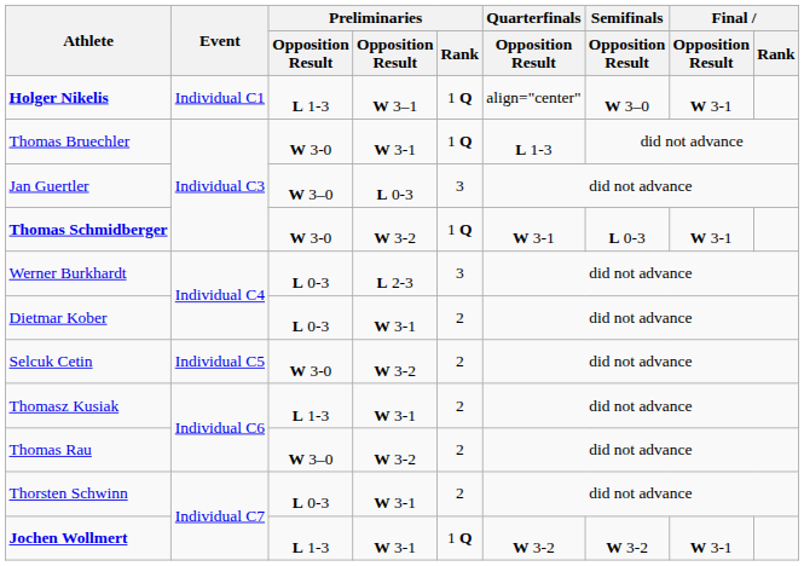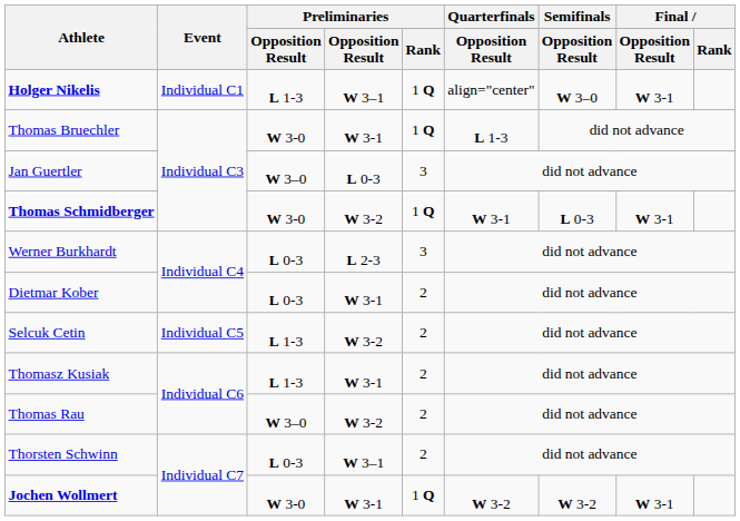 <table class=wikitable>
 <tr>
 <th rowspan="2">Athlete</th>
 <th rowspan="2">Event</th>
 <th colspan="3">Preliminaries</th>
 <th>Quarterfinals</th>
 <th>Semifinals</th>
 <th colspan="2">Final / </th>
 </tr>
 <tr>
 <th>Opposition<br>Result</th>
 <th>Opposition<br>Result</th>
 <th>Rank</th>
 <th>Opposition<br>Result</th>
 <th>Opposition<br>Result</th>
 <th>Opposition<br>Result</th>
 <th>Rank</th>
 </tr>
 <tr>
 <td><strong><a href='#'>Holger Nikelis</a></strong></td>
 <td><a href='#'>Individual C1</a></td>
 <td align="center"><br><strong>L</strong> 1-3</td>
 <td align="center"><br><strong>W</strong> 3–1</td>
 <td align="center">1 <strong>Q</strong></td>
 <td>align="center" </td>
 <td align="center"><br><strong>W</strong> 3–0</td>
 <td align="center"><br><strong>W</strong> 3-1</td>
 <td align="center"></td>
 </tr>
 <tr>
 <td><a href='#'>Thomas Bruechler</a></td>
 <td rowspan="3"><a href='#'>Individual C3</a></td>
 <td align="center"><br><strong>W</strong> 3-0</td>
 <td align="center"><br><strong>W</strong> 3-1</td>
 <td align="center">1 <strong>Q</strong></td>
 <td align="center"><br><strong>L</strong> 1-3</td>
 <td align="center" colspan="3">did not advance</td>
 </tr>
 <tr>
 <td><a href='#'>Jan Guertler</a></td>
 <td align="center"><br><strong>W</strong> 3–0</td>
 <td align="center"><br><strong>L</strong> 0-3</td>
 <td align="center">3</td>
 <td align="center" colspan="4">did not advance</td>
 </tr>
 <tr>
 <td><strong><a href='#'>Thomas Schmidberger</a></strong></td>
 <td align="center"><br><strong>W</strong> 3-0</td>
 <td align="center"><br><strong>W</strong> 3-2</td>
 <td align="center">1 <strong>Q</strong></td>
 <td align="center"><br><strong>W</strong> 3-1</td>
 <td align="center"><br><strong>L</strong> 0-3</td>
 <td align="center"><br><strong>W</strong> 3-1</td>
 <td align="center"></td>
 </tr>
 <tr>
 <td><a href='#'>Werner Burkhardt</a></td>
 <td rowspan="2"><a href='#'>Individual C4</a></td>
 <td align="center"><br><strong>L</strong> 0-3</td>
 <td align="center"><br><strong>L</strong> 2-3</td>
 <td align="center">3</td>
 <td align="center" colspan="4">did not advance</td>
 </tr>
 <tr>
 <td><a href='#'>Dietmar Kober</a></td>
 <td align="center"><br><strong>L</strong> 0-3</td>
 <td align="center"><br><strong>W</strong> 3-1</td>
 <td align="center">2</td>
 <td align="center" colspan="4">did not advance</td>
 </tr>
 <tr>
 <td><a href='#'>Selcuk Cetin</a></td>
 <td><a href='#'>Individual C5</a></td>
-<td align="center"><br><strong>W</strong> 3-0</td>
+<td align="center"><br><strong>L</strong> 1-3</td>
 <td align="center"><br><strong>W</strong> 3-2</td>
 <td align="center">2</td>
 <td align="center" colspan="4">did not advance</td>
 </tr>
 <tr>
 <td><a href='#'>Thomasz Kusiak</a></td>
 <td rowspan="2"><a href='#'>Individual C6</a></td>
 <td align="center"><br><strong>L</strong> 1-3</td>
 <td align="center"><br><strong>W</strong> 3-1</td>
 <td align="center">2</td>
 <td align="center" colspan="4">did not advance</td>
 </tr>
 <tr>
 <td><a href='#'>Thomas Rau</a></td>
 <td align="center"><br><strong>W</strong> 3–0</td>
 <td align="center"><br><strong>W</strong> 3-2</td>
 <td align="center">2</td>
 <td align="center" colspan="4">did not advance</td>
 </tr>
 <tr>
 <td><a href='#'>Thorsten Schwinn</a></td>
 <td rowspan="2"><a href='#'>Individual C7</a></td>
 <td align="center"><br><strong>L</strong> 0-3</td>
-<td align="center"><br><strong>W</strong> 3-1</td>
+<td align="center"><br><strong>W</strong> 3–1</td>
 <td align="center">2</td>
 <td align="center" colspan="4">did not advance</td>
 </tr>
 <tr>
 <td><strong><a href='#'>Jochen Wollmert</a></strong></td>
-<td align="center"><br><strong>L</strong> 1-3</td>
+<td align="center"><br><strong>W</strong> 3-0</td>
 <td align="center"><br><strong>W</strong> 3-1</td>
 <td align="center">1 <strong>Q</strong></td>
 <td align="center"><br><strong>W</strong> 3-2</td>
 <td align="center"><br><strong>W</strong> 3-2</td>
 <td align="center"><br><strong>W</strong> 3-1</td>
 <td align="center"></td>
 </tr>
 </table>
